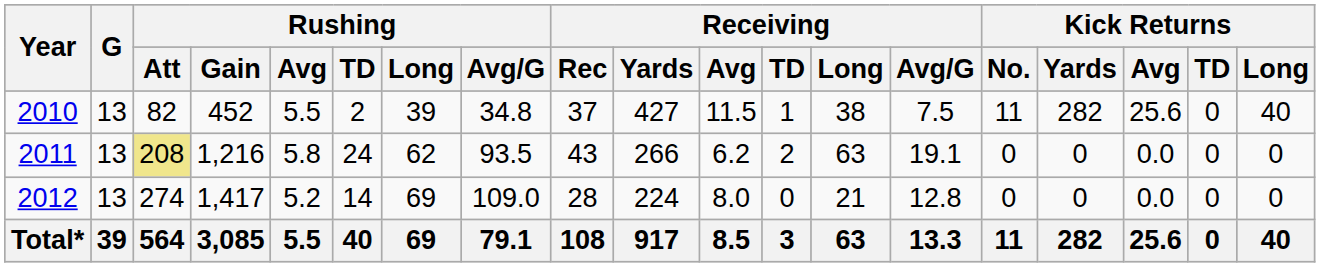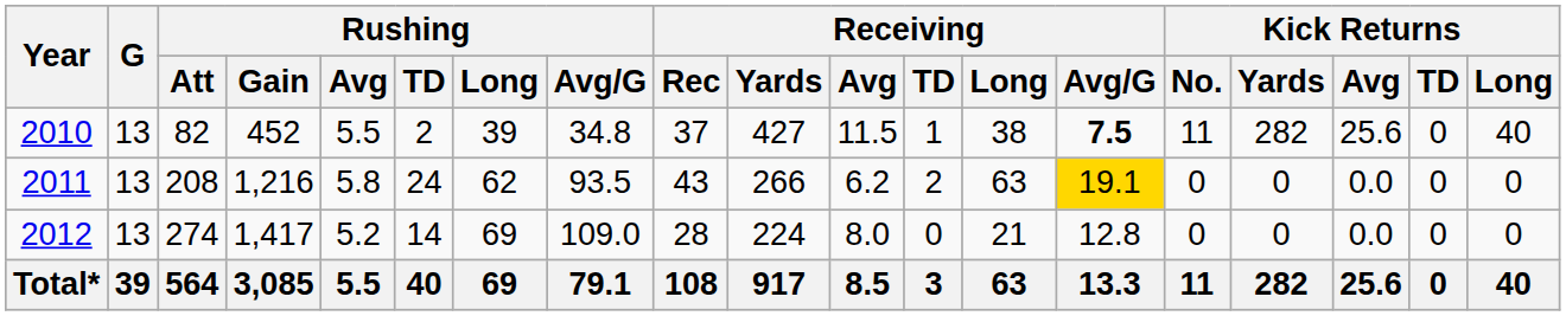 <table class=wikitable style="text-align:center;">
 <tr>
 <th rowspan=2>Year</th>
 <th rowspan=2>G</th>
 <th colspan=6>Rushing</th>
 <th colspan=6>Receiving</th>
 <th colspan=5>Kick Returns</th>
 </tr>
 <tr>
 <th>Att</th>
 <th>Gain</th>
 <th>Avg</th>
 <th>TD</th>
 <th>Long</th>
 <th>Avg/G</th>
 <th>Rec</th>
 <th>Yards</th>
 <th>Avg</th>
 <th>TD</th>
 <th>Long</th>
 <th>Avg/G</th>
 <th>No.</th>
 <th>Yards</th>
 <th>Avg</th>
 <th>TD</th>
 <th>Long</th>
 </tr>
 <tr>
 <td><a href='#'>2010</a></td>
 <td>13</td>
 <td>82</td>
 <td>452</td>
 <td>5.5</td>
 <td>2</td>
 <td>39</td>
 <td>34.8</td>
 <td>37</td>
 <td>427</td>
 <td>11.5</td>
 <td>1</td>
 <td>38</td>
-<td>7.5</td>
+<td><strong>7.5</strong></td>
 <td>11</td>
 <td>282</td>
 <td>25.6</td>
 <td>0</td>
 <td>40</td>
 </tr>
 <tr>
 <td><a href='#'>2011</a></td>
 <td>13</td>
-<td style="background: khaki;">208</td>
+<td>208</td>
 <td>1,216</td>
 <td>5.8</td>
 <td>24</td>
 <td>62</td>
 <td>93.5</td>
 <td>43</td>
 <td>266</td>
 <td>6.2</td>
 <td>2</td>
 <td>63</td>
-<td>19.1</td>
+<td style="background: gold;">19.1</td>
 <td>0</td>
 <td>0</td>
 <td>0.0</td>
 <td>0</td>
 <td>0</td>
 </tr>
 <tr>
 <td><a href='#'>2012</a></td>
 <td>13</td>
 <td>274</td>
 <td>1,417</td>
 <td>5.2</td>
 <td>14</td>
 <td>69</td>
 <td>109.0</td>
 <td>28</td>
 <td>224</td>
 <td>8.0</td>
 <td>0</td>
 <td>21</td>
 <td>12.8</td>
 <td>0</td>
 <td>0</td>
 <td>0.0</td>
 <td>0</td>
 <td>0</td>
 </tr>
 <tr>
 <th colspan=1>Total*</th>
 <th>39</th>
 <th>564</th>
 <th>3,085</th>
 <th>5.5</th>
 <th>40</th>
 <th>69</th>
 <th>79.1</th>
 <th>108</th>
 <th>917</th>
 <th>8.5</th>
 <th>3</th>
 <th>63</th>
 <th>13.3</th>
 <th>11</th>
 <th>282</th>
 <th>25.6</th>
 <th>0</th>
 <th>40</th>
 </tr>
 </table>
